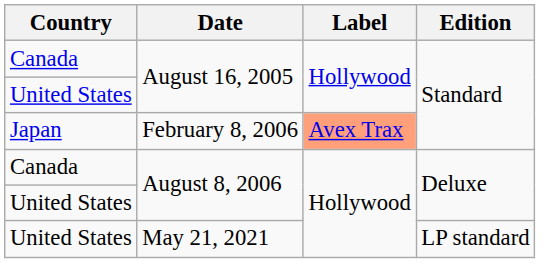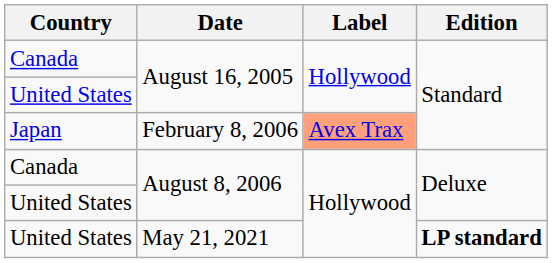 <table class="wikitable">
 <tr>
 <th style="text-align:center;">Country</th>
 <th style="text-align:center;">Date</th>
 <th style="text-align:center;">Label</th>
 <th style="text-align:center;">Edition</th>
 </tr>
 <tr>
 <td><a href='#'>Canada</a></td>
 <td rowspan="2">August 16, 2005</td>
 <td rowspan="2"><a href='#'>Hollywood</a></td>
 <td rowspan="3">Standard</td>
 </tr>
 <tr>
 <td><a href='#'>United States</a></td>
 </tr>
 <tr>
 <td><a href='#'>Japan</a></td>
 <td>February 8, 2006</td>
 <td style="background: lightsalmon;"><a href='#'>Avex Trax</a></td>
 </tr>
 <tr>
 <td>Canada</td>
 <td rowspan="2">August 8, 2006</td>
 <td rowspan="3">Hollywood</td>
 <td rowspan="2">Deluxe</td>
 </tr>
 <tr>
 <td>United States</td>
 </tr>
 <tr>
 <td>United States</td>
 <td>May 21, 2021</td>
-<td>LP standard</td>
+<td><strong>LP standard</strong></td>
 </tr>
 </table>
